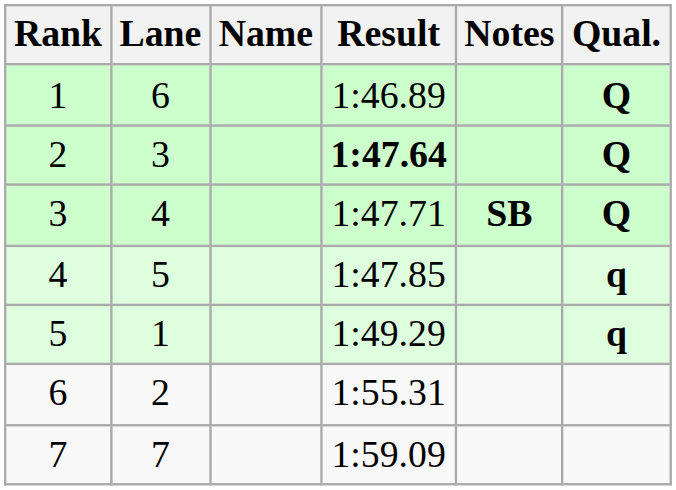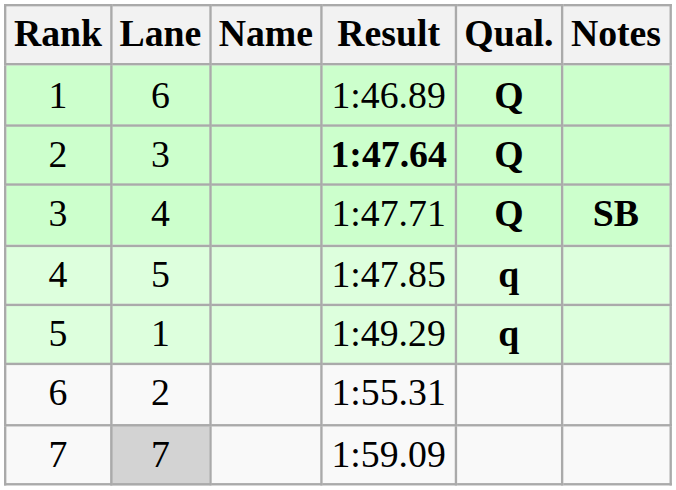 <table class="wikitable sortable" style="text-align:center">
 <tr>
 <th>Rank</th>
 <th>Lane</th>
 <th>Name</th>
 <th>Result</th>
+<th>Qual.</th>
 <th>Notes</th>
-<th>Qual.</th>
 </tr>
 <tr style="background:#cfc;">
 <td>1</td>
 <td>6</td>
 <td align="left"></td>
 <td>1:46.89</td>
+<td><strong>Q</strong></td>
 <td></td>
-<td><strong>Q</strong></td>
 </tr>
 <tr style="background:#cfc;">
 <td>2</td>
 <td>3</td>
 <td align="left"></td>
 <td><strong>1:47.64</strong></td>
+<td><strong>Q</strong></td>
 <td></td>
-<td><strong>Q</strong></td>
 </tr>
 <tr style="background:#cfc;">
 <td>3</td>
 <td>4</td>
 <td align="left"></td>
 <td>1:47.71</td>
+<td><strong>Q</strong></td>
 <td><strong>SB</strong></td>
-<td><strong>Q</strong></td>
 </tr>
 <tr style="background:#dfd;">
 <td>4</td>
 <td>5</td>
 <td align="left"></td>
 <td>1:47.85</td>
+<td><strong>q</strong></td>
 <td></td>
-<td><strong>q</strong></td>
 </tr>
 <tr style="background:#dfd;">
 <td>5</td>
 <td>1</td>
 <td align="left"></td>
 <td>1:49.29</td>
+<td><strong>q</strong></td>
 <td></td>
-<td><strong>q</strong></td>
 </tr>
 <tr>
 <td>6</td>
 <td>2</td>
 <td align="left"></td>
 <td>1:55.31</td>
 <td></td>
 <td></td>
 </tr>
 <tr>
 <td>7</td>
-<td>7</td>
+<td style="background: lightgrey;">7</td>
 <td align="left"></td>
 <td>1:59.09</td>
 <td></td>
 <td></td>
 </tr>
 </table>
